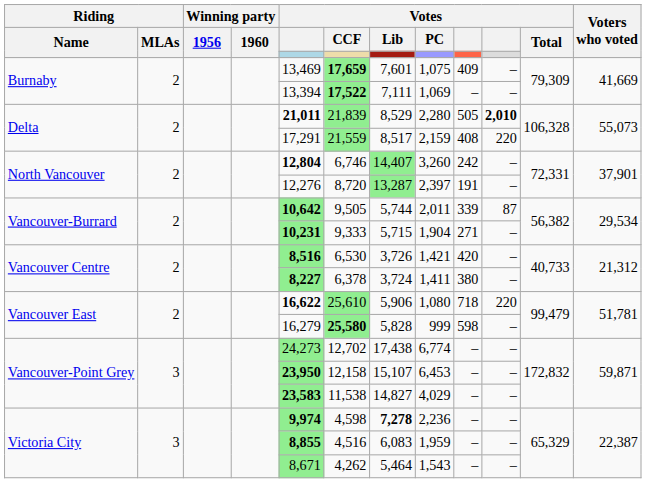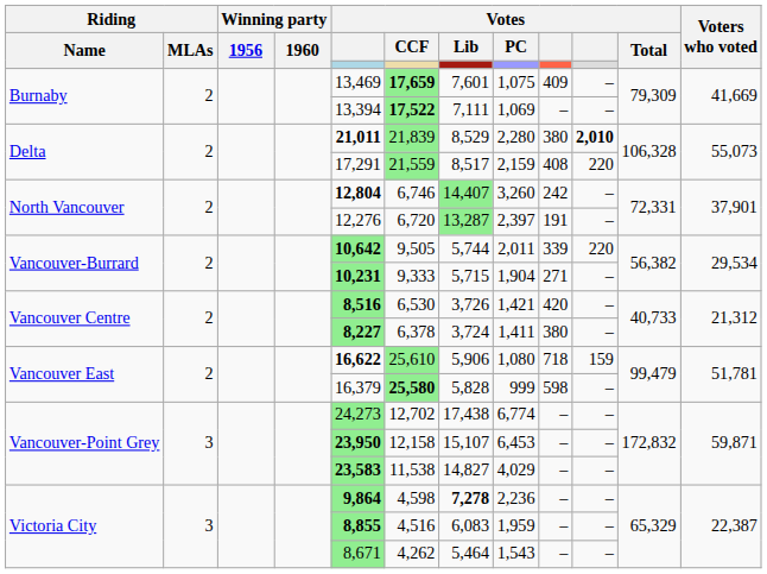 <table class="wikitable" style="text-align:right; font-size:85%">
 <tr>
 <th colspan="2">Riding</th>
 <th scope="col" colspan="2">Winning party</th>
 <th scope="col" colspan="7">Votes</th>
 <th rowspan="3" scope="col">Voters<br>who voted</th>
 </tr>
 <tr>
 <th rowspan="2">Name</th>
 <th rowspan="2">MLAs</th>
 <th rowspan="2"><strong><a href='#'>1956</a></strong></th>
 <th rowspan="2">1960</th>
 <th scope="col"></th>
 <th scope="col">CCF</th>
 <th scope="col">Lib</th>
 <th scope="col">PC</th>
 <th scope="col"></th>
 <th scope="col"></th>
 <th rowspan="2" scope="col">Total</th>
 </tr>
 <tr>
 <th scope="col" style="background-color:#ADD8E6;"></th>
 <th scope="col" style="background-color:#EEDDAA;"></th>
 <th scope="col" style="background-color:#A51B12;"></th>
 <th scope="col" style="background-color:#9999FF;"></th>
 <th scope="col" style="background-color:#FF6347;"></th>
 <th scope="col" style="background-color:#DCDCDC;"></th>
 </tr>
 <tr>
 <td rowspan="2" style="text-align:left"><a href='#'>Burnaby</a></td>
 <td rowspan="2">2</td>
 <td rowspan="2"></td>
 <td rowspan="2"></td>
 <td>13,469</td>
 <td style="background-color:lightgreen;"><strong>17,659</strong></td>
 <td>7,601</td>
 <td>1,075</td>
 <td>409</td>
 <td>–</td>
 <td rowspan="2">79,309</td>
 <td rowspan="2">41,669</td>
 </tr>
 <tr>
 <td>13,394</td>
 <td style="background-color:lightgreen;"><strong>17,522</strong></td>
 <td>7,111</td>
 <td>1,069</td>
 <td>–</td>
 <td>–</td>
 </tr>
 <tr>
 <td rowspan="2" style="text-align:left"><a href='#'>Delta</a></td>
 <td rowspan="2">2</td>
 <td rowspan="2"></td>
 <td rowspan="2"></td>
 <td><strong>21,011</strong></td>
 <td style="background-color:lightgreen;">21,839</td>
 <td>8,529</td>
 <td>2,280</td>
-<td>505</td>
+<td>380</td>
 <td><strong>2,010</strong></td>
 <td rowspan="2">106,328</td>
 <td rowspan="2">55,073</td>
 </tr>
 <tr>
 <td>17,291</td>
 <td style="background-color:lightgreen;">21,559</td>
 <td>8,517</td>
 <td>2,159</td>
 <td>408</td>
 <td>220</td>
 </tr>
 <tr>
 <td rowspan="2" style="text-align:left"><a href='#'>North Vancouver</a></td>
 <td rowspan="2">2</td>
 <td rowspan="2"></td>
 <td rowspan="2"></td>
 <td><strong>12,804</strong></td>
 <td>6,746</td>
 <td style="background-color:lightgreen;">14,407</td>
 <td>3,260</td>
 <td>242</td>
 <td>–</td>
 <td rowspan="2">72,331</td>
 <td rowspan="2">37,901</td>
 </tr>
 <tr>
 <td>12,276</td>
-<td>8,720</td>
+<td>6,720</td>
 <td style="background-color:lightgreen;">13,287</td>
 <td>2,397</td>
 <td>191</td>
 <td>–</td>
 </tr>
 <tr>
 <td rowspan="2" style="text-align:left"><a href='#'>Vancouver-Burrard</a></td>
 <td rowspan="2">2</td>
 <td rowspan="2"></td>
 <td rowspan="2"></td>
 <td style="background-color:lightgreen;"><strong>10,642</strong></td>
 <td>9,505</td>
 <td>5,744</td>
 <td>2,011</td>
 <td>339</td>
-<td>87</td>
+<td>220</td>
 <td rowspan="2">56,382</td>
 <td rowspan="2">29,534</td>
 </tr>
 <tr>
 <td style="background-color:lightgreen;"><strong>10,231</strong></td>
 <td>9,333</td>
 <td>5,715</td>
 <td>1,904</td>
 <td>271</td>
 <td>–</td>
 </tr>
 <tr>
 <td rowspan="2" style="text-align:left"><a href='#'>Vancouver Centre</a></td>
 <td rowspan="2">2</td>
 <td rowspan="2"></td>
 <td rowspan="2"></td>
 <td style="background-color:lightgreen;"><strong>8,516</strong></td>
 <td>6,530</td>
 <td>3,726</td>
 <td>1,421</td>
 <td>420</td>
 <td>–</td>
 <td rowspan="2">40,733</td>
 <td rowspan="2">21,312</td>
 </tr>
 <tr>
 <td style="background-color:lightgreen;"><strong>8,227</strong></td>
 <td>6,378</td>
 <td>3,724</td>
 <td>1,411</td>
 <td>380</td>
 <td>–</td>
 </tr>
 <tr – ||>
 <td rowspan="2" style="text-align:left"><a href='#'>Vancouver East</a></td>
 <td rowspan="2">2</td>
 <td rowspan="2"></td>
 <td rowspan="2"></td>
 <td><strong>16,622</strong></td>
 <td style="background-color:lightgreen;">25,610</td>
 <td>5,906</td>
 <td>1,080</td>
 <td>718</td>
-<td>220</td>
+<td>159</td>
 <td rowspan="2">99,479</td>
 <td rowspan="2">51,781</td>
 </tr>
 <tr>
-<td>16,279</td>
+<td>16,379</td>
 <td style="background-color:lightgreen;"><strong>25,580</strong></td>
 <td>5,828</td>
 <td>999</td>
 <td>598</td>
 <td>–</td>
 </tr>
 <tr>
 <td rowspan="3" style="text-align:left"><a href='#'>Vancouver-Point Grey</a></td>
 <td rowspan="3">3</td>
 <td rowspan="3"></td>
 <td rowspan="3"></td>
 <td style="background-color:lightgreen;">24,273</td>
 <td>12,702</td>
 <td>17,438</td>
 <td>6,774</td>
 <td>–</td>
 <td>–</td>
 <td rowspan="3">172,832</td>
 <td rowspan="3">59,871</td>
 </tr>
 <tr>
 <td style="background-color:lightgreen;"><strong>23,950</strong></td>
 <td>12,158</td>
 <td>15,107</td>
 <td>6,453</td>
 <td>–</td>
 <td>–</td>
 </tr>
 <tr>
 <td style="background-color:lightgreen;"><strong>23,583</strong></td>
 <td>11,538</td>
 <td>14,827</td>
 <td>4,029</td>
 <td>–</td>
 <td>–</td>
 </tr>
 <tr>
 <td rowspan="3" style="text-align:left"><a href='#'>Victoria City</a></td>
 <td rowspan="3">3</td>
 <td rowspan="3"></td>
 <td rowspan="3"></td>
-<td style="background-color:lightgreen;"><strong>9,974</strong></td>
+<td style="background-color:lightgreen;"><strong>9,864</strong></td>
 <td>4,598</td>
 <td><strong>7,278</strong></td>
 <td>2,236</td>
 <td>–</td>
 <td>–</td>
 <td rowspan="3">65,329</td>
 <td rowspan="3">22,387</td>
 </tr>
 <tr>
 <td style="background-color:lightgreen;"><strong>8,855</strong></td>
 <td>4,516</td>
 <td>6,083</td>
 <td>1,959</td>
 <td>–</td>
 <td>–</td>
 </tr>
 <tr>
 <td style="background-color:lightgreen;">8,671</td>
 <td>4,262</td>
 <td>5,464</td>
 <td>1,543</td>
 <td>–</td>
 <td>–</td>
 </tr>
 </table>
